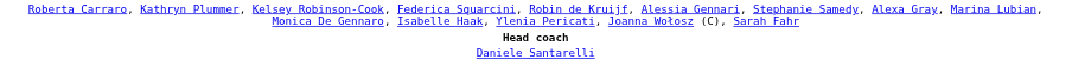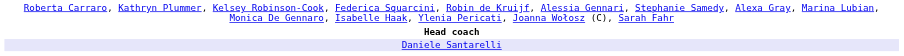 <table style="text-align: center; margin-top: 2em; margin-left: auto; margin-right: auto">
 <tr>
 <td><a href='#'>Roberta Carraro</a>, <a href='#'>Kathryn Plummer</a>, <a href='#'>Kelsey Robinson-Cook</a>, <a href='#'>Federica Squarcini</a>, <a href='#'>Robin de Kruijf</a>, <a href='#'>Alessia Gennari</a>, <a href='#'>Stephanie Samedy</a>, <a href='#'>Alexa Gray</a>, <a href='#'>Marina Lubian</a>, <a href='#'>Monica De Gennaro</a>, <a href='#'>Isabelle Haak</a>, <a href='#'>Ylenia Pericati</a>, <a href='#'>Joanna Wołosz</a> (C), <a href='#'>Sarah Fahr</a></td>
 </tr>
 <tr>
 <td><strong>Head coach</strong></td>
 </tr>
 <tr>
-<td><a href='#'>Daniele Santarelli</a></td>
+<td style="background: lavender;"><a href='#'>Daniele Santarelli</a></td>
 </tr>
 </table>
